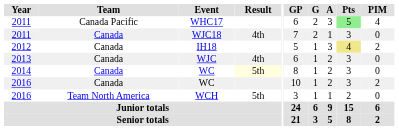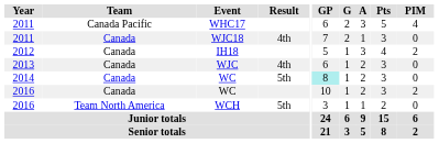 <table border="0" cellpadding="1" cellspacing="0" ID="Table3" style="text-align:center; width:40em">
 <tr ALIGN="center" bgcolor="#e0e0e0">
 <th>Year</th>
 <th>Team</th>
 <th>Event</th>
 <th>Result</th>
 <th rowspan="100" bgcolor="#ffffff"></th>
 <th>GP</th>
 <th>G</th>
 <th>A</th>
 <th>Pts</th>
 <th>PIM</th>
 </tr>
 <tr ALIGN="center">
 <td><a href='#'>2011</a></td>
 <td>Canada Pacific</td>
 <td><a href='#'>WHC17</a></td>
 <td></td>
 <td>6</td>
 <td>2</td>
 <td>3</td>
-<td style="background: lightgreen;">5</td>
+<td>5</td>
 <td>4</td>
 </tr>
 <tr ALIGN="center"   bgcolor="#f0f0f0">
 <td><a href='#'>2011</a></td>
 <td><a href='#'>Canada</a></td>
 <td><a href='#'>WJC18</a></td>
 <td>4th</td>
 <td>7</td>
 <td>2</td>
 <td>1</td>
 <td>3</td>
 <td>0</td>
 </tr>
 <tr ALIGN="center">
 <td><a href='#'>2012</a></td>
 <td>Canada</td>
 <td><a href='#'>IH18</a></td>
 <td></td>
 <td>5</td>
 <td>1</td>
 <td>3</td>
-<td style="background: khaki;">4</td>
+<td>4</td>
 <td>2</td>
 </tr>
 <tr ALIGN="center" bgcolor="#f0f0f0">
 <td><a href='#'>2013</a></td>
 <td>Canada</td>
 <td><a href='#'>WJC</a></td>
 <td>4th</td>
 <td>6</td>
 <td>1</td>
 <td>2</td>
 <td>3</td>
 <td>0</td>
 </tr>
 <tr ALIGN="center">
 <td><a href='#'>2014</a></td>
 <td><a href='#'>Canada</a></td>
 <td><a href='#'>WC</a></td>
-<td style="background: lightyellow;">5th</td>
-<td>8</td>
+<td>5th</td>
+<td style="background: paleturquoise;">8</td>
 <td>1</td>
 <td>2</td>
 <td>3</td>
 <td>0</td>
 </tr>
 <tr ALIGN="center" bgcolor="#f0f0f0">
 <td><a href='#'>2016</a></td>
 <td>Canada</td>
 <td>WC</td>
 <td></td>
 <td>10</td>
 <td>1</td>
 <td>2</td>
 <td>3</td>
 <td>2</td>
 </tr>
 <tr>
 <td><a href='#'>2016</a></td>
 <td><a href='#'>Team North America</a></td>
 <td><a href='#'>WCH</a></td>
 <td>5th</td>
 <td>3</td>
 <td>1</td>
 <td>1</td>
 <td>2</td>
 <td>0</td>
 </tr>
 <tr bgcolor="#e0e0e0">
 <th colspan="4">Junior totals</th>
 <th>24</th>
 <th>6</th>
 <th>9</th>
 <th>15</th>
 <th>6</th>
 </tr>
 <tr bgcolor="#e0e0e0">
 <th colspan="4">Senior totals</th>
 <th>21</th>
 <th>3</th>
 <th>5</th>
 <th>8</th>
 <th>2</th>
 </tr>
 </table>
